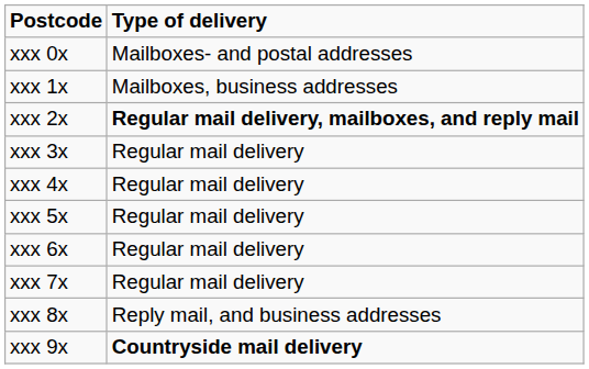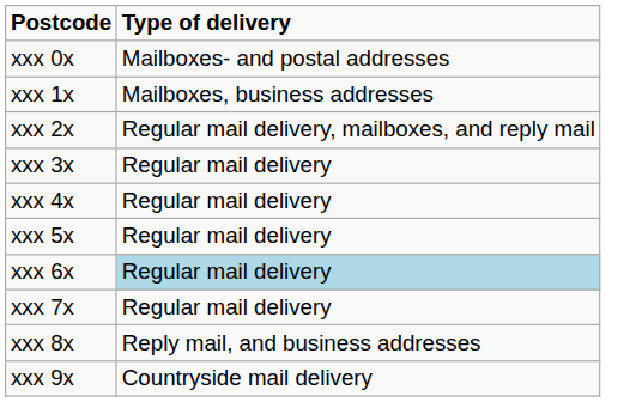 <table class="wikitable sortable">
 <tr>
 <td valign=top><strong>Postcode</strong></td>
 <td valign=top><strong>Type of delivery</strong></td>
 </tr>
 <tr>
 <td valign=top>xxx 0x</td>
 <td valign=top>Mailboxes- and postal addresses</td>
 </tr>
 <tr>
 <td valign=top>xxx 1x</td>
 <td valign=top>Mailboxes, business addresses</td>
 </tr>
 <tr>
 <td valign=top>xxx 2x</td>
-<td valign=top><strong>Regular mail delivery, mailboxes, and reply mail</strong></td>
+<td valign=top>Regular mail delivery, mailboxes, and reply mail</td>
 </tr>
 <tr>
 <td valign=top>xxx 3x</td>
 <td valign=top>Regular mail delivery</td>
 </tr>
 <tr>
 <td valign=top>xxx 4x</td>
 <td valign=top>Regular mail delivery</td>
 </tr>
 <tr>
 <td valign=top>xxx 5x</td>
 <td valign=top>Regular mail delivery</td>
 </tr>
 <tr>
 <td valign=top>xxx 6x</td>
-<td valign=top>Regular mail delivery</td>
+<td valign=top style="background: lightblue;">Regular mail delivery</td>
 </tr>
 <tr>
 <td valign=top>xxx 7x</td>
 <td valign=top>Regular mail delivery</td>
 </tr>
 <tr>
 <td valign=top>xxx 8x</td>
 <td valign=top>Reply mail, and business addresses</td>
 </tr>
 <tr>
 <td valign=top>xxx 9x</td>
-<td valign=top><strong>Countryside mail delivery</strong></td>
+<td valign=top>Countryside mail delivery</td>
 </tr>
 </table>
